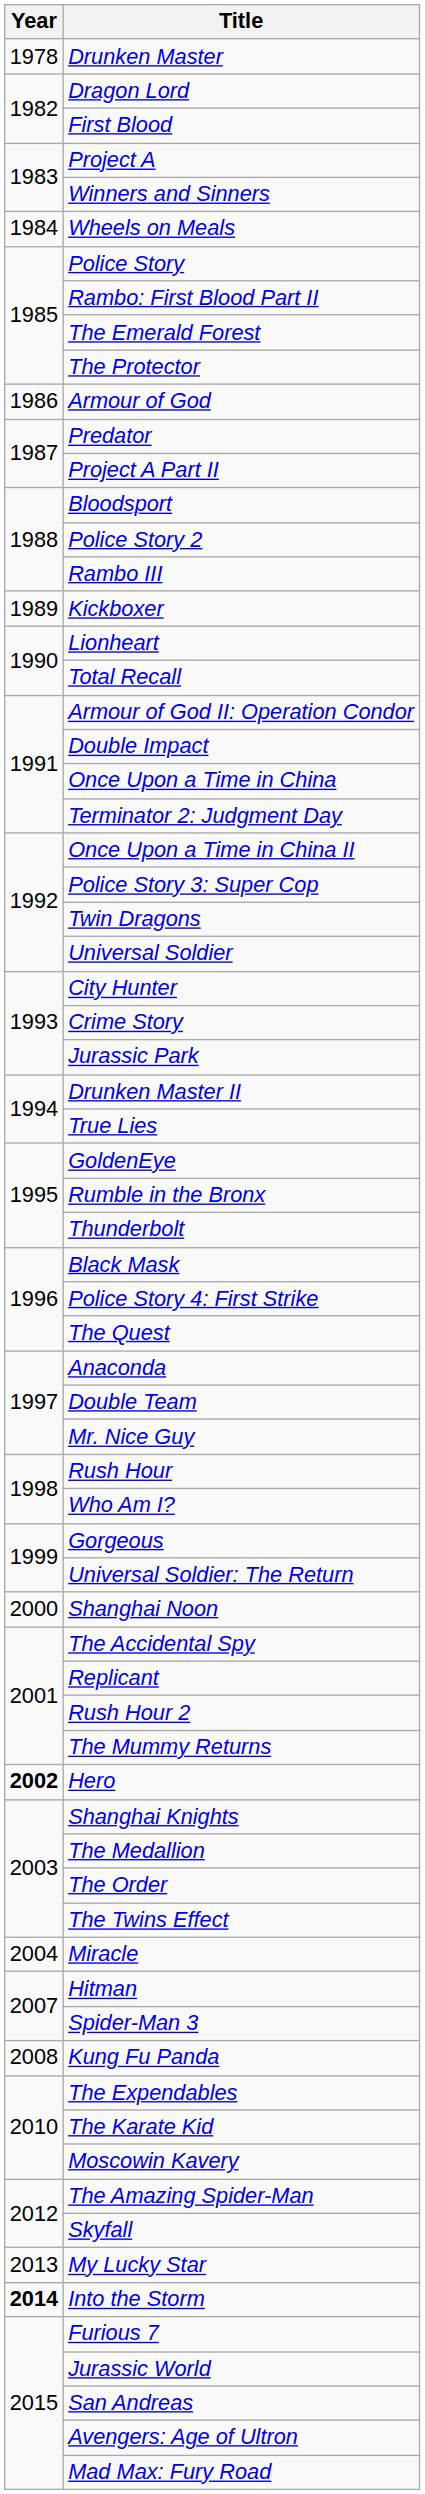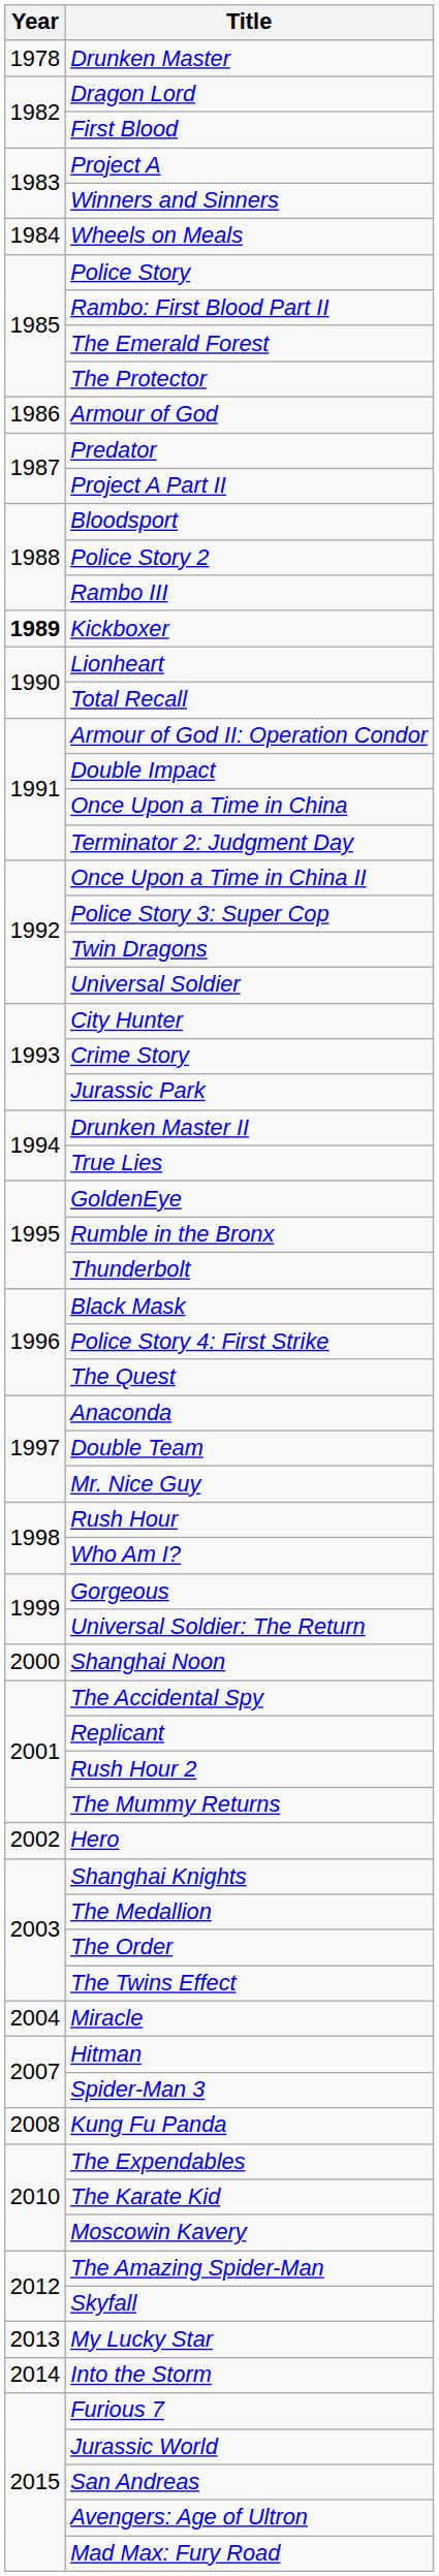 <table class="wikitable">
 <tr>
 <th>Year</th>
 <th>Title</th>
 </tr>
 <tr>
 <td>1978</td>
 <td><em><a href='#'>Drunken Master</a></em></td>
 </tr>
 <tr>
 <td rowspan="2">1982</td>
 <td><em><a href='#'>Dragon Lord</a></em></td>
 </tr>
 <tr>
 <td><em><a href='#'>First Blood</a></em></td>
 </tr>
 <tr>
 <td rowspan="2">1983</td>
 <td><em><a href='#'>Project A</a></em></td>
 </tr>
 <tr>
 <td><em><a href='#'>Winners and Sinners</a></em></td>
 </tr>
 <tr>
 <td>1984</td>
 <td><em><a href='#'>Wheels on Meals</a></em></td>
 </tr>
 <tr>
 <td rowspan="4">1985</td>
 <td><em><a href='#'>Police Story</a></em></td>
 </tr>
 <tr>
 <td><em><a href='#'>Rambo: First Blood Part II</a></em></td>
 </tr>
 <tr>
 <td><em><a href='#'>The Emerald Forest</a></em></td>
 </tr>
 <tr>
 <td><em><a href='#'>The Protector</a></em></td>
 </tr>
 <tr>
 <td>1986</td>
 <td><em><a href='#'>Armour of God</a></em></td>
 </tr>
 <tr>
 <td rowspan="2">1987</td>
 <td><em><a href='#'>Predator</a></em></td>
 </tr>
 <tr>
 <td><em><a href='#'>Project A Part II</a></em></td>
 </tr>
 <tr>
 <td rowspan="3">1988</td>
 <td><em><a href='#'>Bloodsport</a></em></td>
 </tr>
 <tr>
 <td><em><a href='#'>Police Story 2</a></em></td>
 </tr>
 <tr>
 <td><em><a href='#'>Rambo III</a></em></td>
 </tr>
 <tr>
-<td>1989</td>
+<td><strong>1989</strong></td>
 <td><em><a href='#'>Kickboxer</a></em></td>
 </tr>
 <tr>
 <td rowspan="2">1990</td>
 <td><em><a href='#'>Lionheart</a></em></td>
 </tr>
 <tr>
 <td><em><a href='#'>Total Recall</a></em></td>
 </tr>
 <tr>
 <td rowspan="4">1991</td>
 <td><em><a href='#'>Armour of God II: Operation Condor</a></em></td>
 </tr>
 <tr>
 <td><em><a href='#'>Double Impact</a></em></td>
 </tr>
 <tr>
 <td><em><a href='#'>Once Upon a Time in China </a></em></td>
 </tr>
 <tr>
 <td><em><a href='#'>Terminator 2: Judgment Day</a></em></td>
 </tr>
 <tr>
 <td rowspan="4">1992</td>
 <td><em><a href='#'>Once Upon a Time in China II</a></em></td>
 </tr>
 <tr>
 <td><em><a href='#'>Police Story 3: Super Cop</a></em></td>
 </tr>
 <tr>
 <td><em><a href='#'>Twin Dragons</a></em></td>
 </tr>
 <tr>
 <td><em><a href='#'>Universal Soldier</a></em></td>
 </tr>
 <tr>
 <td rowspan="3">1993</td>
 <td><em><a href='#'>City Hunter</a></em></td>
 </tr>
 <tr>
 <td><em><a href='#'>Crime Story</a></em></td>
 </tr>
 <tr>
 <td><em><a href='#'>Jurassic Park</a></em></td>
 </tr>
 <tr>
 <td rowspan="2">1994</td>
 <td><em><a href='#'>Drunken Master II</a></em></td>
 </tr>
 <tr>
 <td><em><a href='#'>True Lies</a></em></td>
 </tr>
 <tr>
 <td rowspan="3">1995</td>
 <td><em><a href='#'>GoldenEye</a></em></td>
 </tr>
 <tr>
 <td><em><a href='#'>Rumble in the Bronx</a></em></td>
 </tr>
 <tr>
 <td><em><a href='#'>Thunderbolt</a></em></td>
 </tr>
 <tr>
 <td rowspan="3">1996</td>
 <td><em><a href='#'>Black Mask</a></em></td>
 </tr>
 <tr>
 <td><em><a href='#'>Police Story 4: First Strike</a></em></td>
 </tr>
 <tr>
 <td><em><a href='#'>The Quest</a></em></td>
 </tr>
 <tr>
 <td rowspan="3">1997</td>
 <td><em><a href='#'>Anaconda</a></em></td>
 </tr>
 <tr>
 <td><em><a href='#'>Double Team</a></em></td>
 </tr>
 <tr>
 <td><em><a href='#'>Mr. Nice Guy</a></em></td>
 </tr>
 <tr>
 <td rowspan="2">1998</td>
 <td><em><a href='#'>Rush Hour</a></em></td>
 </tr>
 <tr>
 <td><em><a href='#'>Who Am I?</a></em></td>
 </tr>
 <tr>
 <td rowspan="2">1999</td>
 <td><em><a href='#'>Gorgeous</a></em></td>
 </tr>
 <tr>
 <td><em><a href='#'>Universal Soldier: The Return</a></em></td>
 </tr>
 <tr>
 <td>2000</td>
 <td><em><a href='#'>Shanghai Noon</a></em></td>
 </tr>
 <tr>
 <td rowspan="4">2001</td>
 <td><em><a href='#'>The Accidental Spy</a></em></td>
 </tr>
 <tr>
 <td><em><a href='#'>Replicant</a></em></td>
 </tr>
 <tr>
 <td><em><a href='#'>Rush Hour 2</a></em></td>
 </tr>
 <tr>
 <td><em><a href='#'>The Mummy Returns</a></em></td>
 </tr>
 <tr>
-<td><strong>2002</strong></td>
+<td>2002</td>
 <td><em><a href='#'>Hero</a></em></td>
 </tr>
 <tr>
 <td rowspan="4">2003</td>
 <td><em><a href='#'>Shanghai Knights</a></em></td>
 </tr>
 <tr>
 <td><em><a href='#'>The Medallion</a></em></td>
 </tr>
 <tr>
 <td><em><a href='#'>The Order</a></em></td>
 </tr>
 <tr>
 <td><em><a href='#'>The Twins Effect</a></em></td>
 </tr>
 <tr>
 <td>2004</td>
 <td><em><a href='#'>Miracle</a></em></td>
 </tr>
 <tr>
 <td rowspan="2">2007</td>
 <td><em><a href='#'>Hitman</a></em></td>
 </tr>
 <tr>
 <td><em><a href='#'>Spider-Man 3</a></em></td>
 </tr>
 <tr>
 <td>2008</td>
 <td><em><a href='#'>Kung Fu Panda</a></em></td>
 </tr>
 <tr>
 <td rowspan="3">2010</td>
 <td><em><a href='#'>The Expendables</a></em></td>
 </tr>
 <tr>
 <td><em><a href='#'>The Karate Kid</a></em></td>
 </tr>
 <tr>
 <td><em><a href='#'>Moscowin Kavery</a></em></td>
 </tr>
 <tr>
 <td rowspan="2">2012</td>
 <td><em><a href='#'>The Amazing Spider-Man</a></em></td>
 </tr>
 <tr>
 <td><em><a href='#'>Skyfall</a></em></td>
 </tr>
 <tr>
 <td>2013</td>
 <td><em><a href='#'>My Lucky Star</a></em></td>
 </tr>
 <tr>
-<td><strong>2014</strong></td>
+<td>2014</td>
 <td><em><a href='#'>Into the Storm</a></em></td>
 </tr>
 <tr>
 <td rowspan="5">2015</td>
 <td><em><a href='#'>Furious 7</a></em></td>
 </tr>
 <tr>
 <td><em><a href='#'>Jurassic World</a></em></td>
 </tr>
 <tr>
 <td><em><a href='#'>San Andreas</a></em></td>
 </tr>
 <tr>
 <td><em><a href='#'>Avengers: Age of Ultron</a></em></td>
 </tr>
 <tr>
 <td><em><a href='#'>Mad Max: Fury Road</a></em></td>
 </tr>
 </table>
